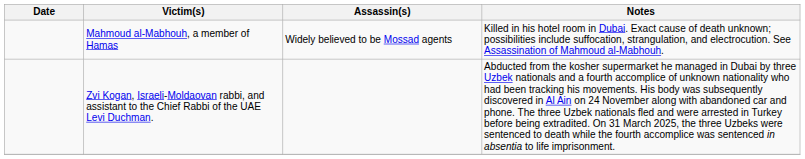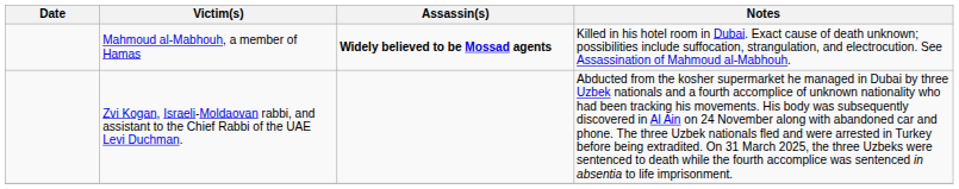 <table class="wikitable"  style="width:100%">
 <tr>
 <th style="width:10%">Date</th>
 <th style="width:25%">Victim(s)</th>
 <th style="width:25%">Assassin(s)</th>
 <th style="width:40%">Notes</th>
 </tr>
 <tr>
 <td></td>
 <td><a href='#'>Mahmoud al-Mabhouh</a>, a member of <a href='#'>Hamas</a></td>
-<td>Widely believed to be <a href='#'>Mossad</a> agents</td>
+<td><strong>Widely believed to be <a href='#'>Mossad</a> agents</strong></td>
 <td>Killed in his hotel room in <a href='#'>Dubai</a>. Exact cause of death unknown; possibilities include suffocation, strangulation, and electrocution. See <a href='#'>Assassination of Mahmoud al-Mabhouh</a>.</td>
 </tr>
 <tr>
 <td></td>
 <td><a href='#'>Zvi Kogan</a>, <a href='#'>Israeli</a>-<a href='#'>Moldaovan</a> rabbi, and assistant to the Chief Rabbi of the UAE <a href='#'>Levi Duchman</a>.</td>
 <td></td>
 <td>Abducted from the kosher supermarket he managed in Dubai by three <a href='#'>Uzbek</a> nationals and a fourth accomplice of unknown nationality who had been tracking his movements. His body was subsequently discovered in <a href='#'>Al Ain</a> on 24 November along with abandoned car and phone. The three Uzbek nationals fled and were arrested in Turkey before being extradited. On 31 March 2025, the three Uzbeks were sentenced to death while the fourth accomplice was sentenced <em>in absentia</em> to life imprisonment.</td>
 </tr>
 <tr>
 </tr>
 </table>
